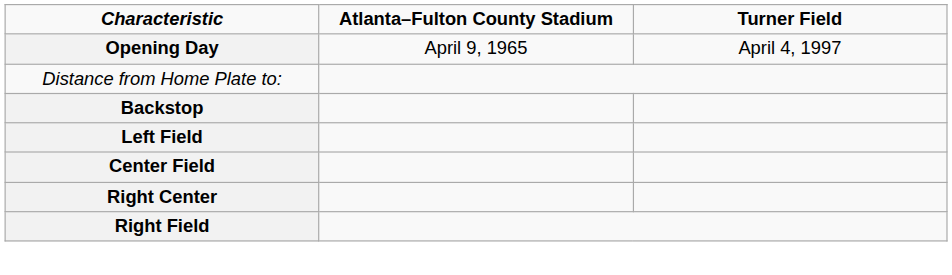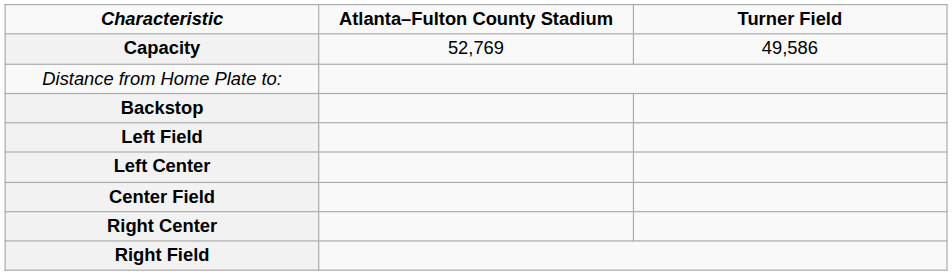 <table class="wikitable" align=center style="margin-left:15px; text-align:center; font-size:98%;">
 <tr>
 <td width="30%"><strong><em>Characteristic</em></strong></td>
 <td width="30%"><strong>Atlanta–Fulton County Stadium</strong></td>
 <td width="30%"><strong>Turner Field</strong></td>
 </tr>
 <tr>
-<th>Opening Day</th>
-<td>April 9, 1965</td>
-<td>April 4, 1997</td>
+<th>Capacity</th>
+<td>52,769</td>
+<td>49,586</td>
 </tr>
 <tr>
 <td><em>Distance from Home Plate to:</em></td>
 <td colspan="2"> </td>
 </tr>
 <tr>
 <th>Backstop</th>
 <td></td>
 <td></td>
 </tr>
 <tr>
 <th>Left Field</th>
+<td></td>
+<td></td>
+</tr>
+<tr>
+<th>Left Center</th>
 <td></td>
 <td></td>
 </tr>
 <tr>
 <th>Center Field</th>
 <td></td>
 <td></td>
 </tr>
 <tr>
 <th>Right Center</th>
 <td></td>
 <td></td>
 </tr>
 <tr>
 <th>Right Field</th>
 <td colspan=2></td>
 </tr>
 </table>
